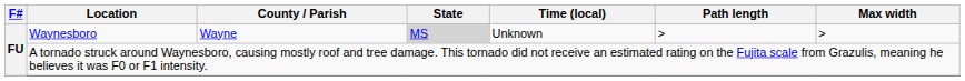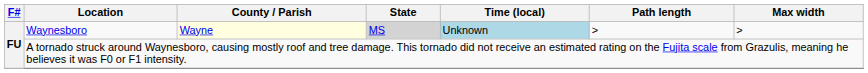 <table class="wikitable sortable" style="width:100%;">
 <tr>
 <th scope="col" align="center"><a href='#'>F#</a></th>
 <th scope="col" align="center" class="unsortable">Location</th>
 <th scope="col" align="center" class="unsortable">County / Parish</th>
 <th scope="col" align="center">State</th>
 <th scope="col" align="center">Time (local)</th>
 <th scope="col" align="center">Path length</th>
 <th scope="col" align="center">Max width</th>
 </tr>
 <tr>
 <th scope="row" rowspan="2" style="background-color:#">FU</th>
 <td><a href='#'>Waynesboro</a></td>
-<td><a href='#'>Wayne</a></td>
+<td style="background: lightyellow;"><a href='#'>Wayne</a></td>
 <td style="background: lightgrey;"><a href='#'>MS</a></td>
-<td>Unknown</td>
+<td style="background: lightblue;">Unknown</td>
 <td>></td>
 <td>></td>
 </tr>
 <tr class="expand-child">
 <td colspan="8" style=" border-bottom: 1px solid black;">A tornado struck around Waynesboro, causing mostly roof and tree damage. This tornado did not receive an estimated rating on the <a href='#'>Fujita scale</a> from Grazulis, meaning he believes it was F0 or F1 intensity.</td>
 </tr>
 <tr>
 </tr>
 </table>
